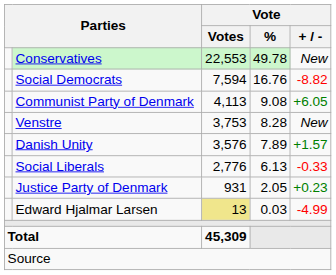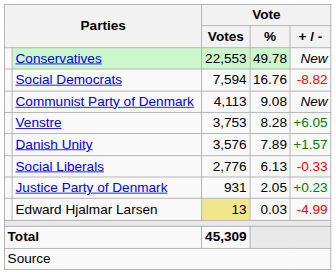 <table class="wikitable" style="text-align:right;">
 <tr>
 <th style="text-align:centre;" rowspan="2" colspan="2" width="225">Parties</th>
 <th colspan="3">Vote</th>
 </tr>
 <tr>
 <th width="15">Votes</th>
 <th width="15">%</th>
 <th width="15">+ / -</th>
 </tr>
 <tr>
 <td width="2" style="color:inherit;background:"></td>
 <td bgcolor=#ccf7cc  align="left"><a href='#'>Conservatives</a></td>
 <td bgcolor=#ccf7cc>22,553</td>
 <td bgcolor=#ccf7cc>49.78</td>
 <td><em>New</em></td>
 </tr>
 <tr>
 <td width="2" style="color:inherit;background:"></td>
 <td align="left"><a href='#'>Social Democrats</a></td>
 <td>7,594</td>
 <td>16.76</td>
 <td style=color:red;>-8.82</td>
 </tr>
 <tr>
 <td width="2" style="color:inherit;background:"></td>
 <td align="left"><a href='#'>Communist Party of Denmark</a></td>
 <td>4,113</td>
 <td>9.08</td>
-<td style=color:green;>+6.05</td>
+<td><em>New</em></td>
 </tr>
 <tr>
 <td width="2" style="color:inherit;background:"></td>
 <td align="left"><a href='#'>Venstre</a></td>
 <td>3,753</td>
 <td>8.28</td>
-<td><em>New</em></td>
+<td style=color:green;>+6.05</td>
 </tr>
 <tr>
 <td width="2" style="color:inherit;background:"></td>
 <td align="left"><a href='#'>Danish Unity</a></td>
 <td>3,576</td>
 <td>7.89</td>
 <td style=color:green;>+1.57</td>
 </tr>
 <tr>
 <td width="2" style="color:inherit;background:"></td>
 <td align="left"><a href='#'>Social Liberals</a></td>
 <td>2,776</td>
 <td>6.13</td>
 <td style=color:red;>-0.33</td>
 </tr>
 <tr>
 <td width="2" style="color:inherit;background:"></td>
 <td align="left"><a href='#'>Justice Party of Denmark</a></td>
 <td>931</td>
 <td>2.05</td>
 <td style=color:green;>+0.23</td>
 </tr>
 <tr>
 <td width="2" style="color:inherit;background:"></td>
 <td align="left">Edward Hjalmar Larsen</td>
 <td style="background: khaki;">13</td>
 <td>0.03</td>
 <td style=color:red;>-4.99</td>
 </tr>
 <tr>
 <td colspan="7" bgcolor="#E9E9E9"></td>
 </tr>
 <tr>
 <td align="left" colspan="2"><strong>Total</strong></td>
 <td><strong>45,309</strong></td>
 <td bgcolor="#E9E9E9" colspan="2"></td>
 </tr>
 <tr>
 <td align="left" colspan="6">Source</td>
 </tr>
 </table>
